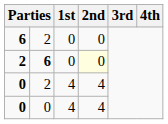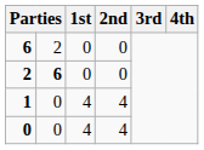 <table class="wikitable" style="text-align:right;">
 <tr>
 <th colspan=2 style="text-align:left;">Parties</th>
 <th>1st</th>
 <th>2nd</th>
 <th>3rd</th>
 <th>4th</th>
 </tr>
 <tr>
 <td><strong>6</strong></td>
 <td>2</td>
 <td>0</td>
 <td>0</td>
 </tr>
 <tr>
 <td><strong>2</strong></td>
 <td><strong>6</strong></td>
 <td>0</td>
-<td style="background: lightyellow;">0</td>
+<td>0</td>
 </tr>
 <tr>
-<td><strong>0</strong></td>
-<td>2</td>
+<td><strong>1</strong></td>
+<td>0</td>
 <td>4</td>
 <td>4</td>
 </tr>
 <tr>
 <td><strong>0</strong></td>
 <td>0</td>
 <td>4</td>
 <td>4</td>
 </tr>
 </table>
